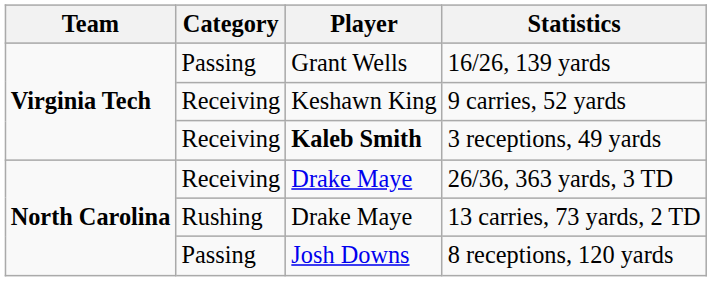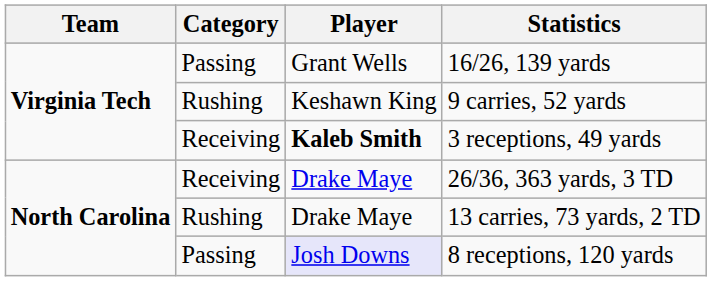 <table class="wikitable" style="float: right;">
 <tr>
 <th>Team</th>
 <th>Category</th>
 <th>Player</th>
 <th>Statistics</th>
 </tr>
 <tr>
 <td rowspan=3><strong>Virginia Tech</strong></td>
 <td>Passing</td>
 <td>Grant Wells</td>
 <td>16/26, 139 yards</td>
 </tr>
 <tr>
-<td>Receiving</td>
+<td>Rushing</td>
 <td>Keshawn King</td>
 <td>9 carries, 52 yards</td>
 </tr>
 <tr>
 <td>Receiving</td>
 <td><strong>Kaleb Smith</strong></td>
 <td>3 receptions, 49 yards</td>
 </tr>
 <tr>
 <td rowspan=3><strong>North Carolina</strong></td>
 <td>Receiving</td>
 <td><a href='#'>Drake Maye</a></td>
 <td>26/36, 363 yards, 3 TD</td>
 </tr>
 <tr>
 <td>Rushing</td>
 <td>Drake Maye</td>
 <td>13 carries, 73 yards, 2 TD</td>
 </tr>
 <tr>
 <td>Passing</td>
-<td><a href='#'>Josh Downs</a></td>
+<td style="background: lavender;"><a href='#'>Josh Downs</a></td>
 <td>8 receptions, 120 yards</td>
 </tr>
 </table>
